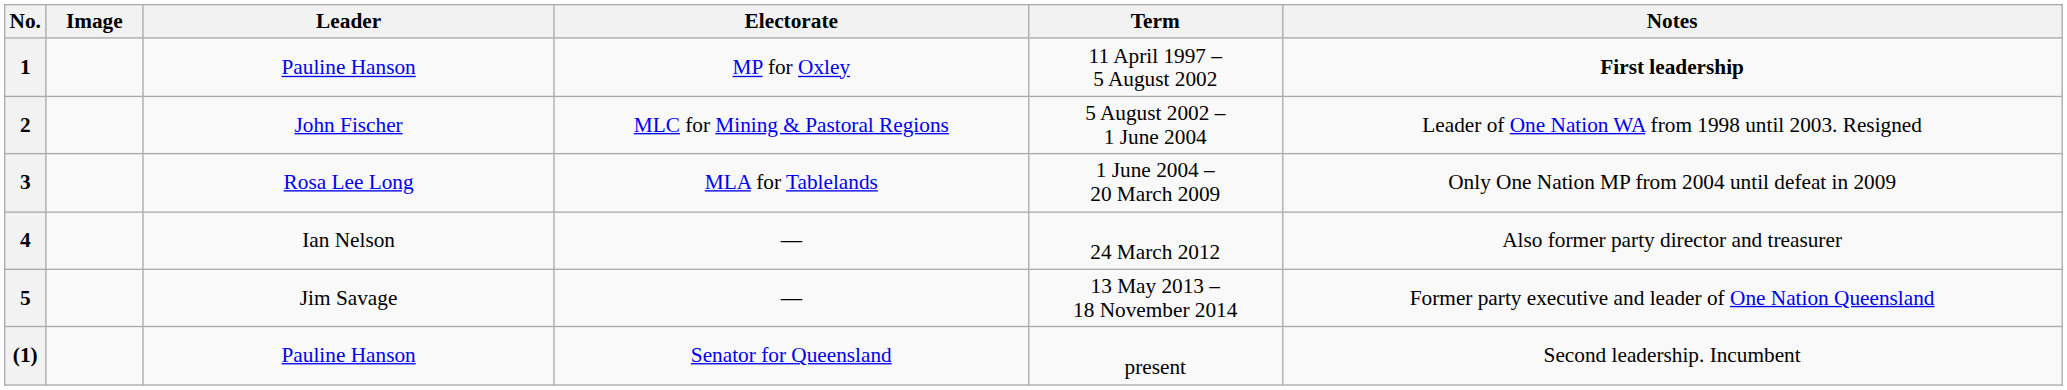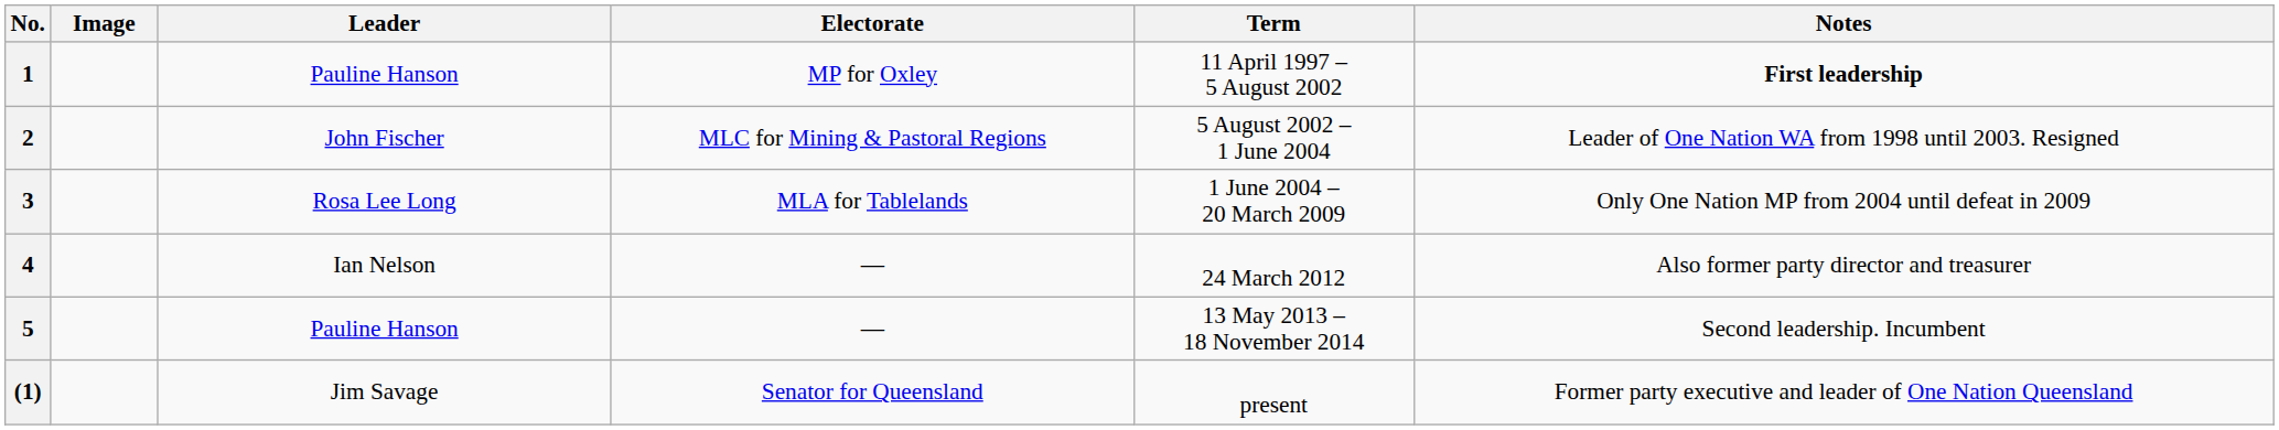 <table class="wikitable" style="text-align:center">
 <tr>
 <th width=2%>No.</th>
 <th>Image</th>
 <th style="width:20%;">Leader</th>
 <th>Electorate</th>
 <th>Term</th>
 <th>Notes</th>
 </tr>
 <tr>
 <th style="background:">1</th>
 <td></td>
 <td><a href='#'>Pauline Hanson</a></td>
 <td><a href='#'>MP</a> for <a href='#'>Oxley</a> </td>
 <td>11 April 1997 –<br>5 August 2002</td>
 <td><strong>First leadership</strong></td>
 </tr>
 <tr>
 <th style="background:">2</th>
 <td></td>
 <td><a href='#'>John Fischer</a></td>
 <td><a href='#'>MLC</a> for <a href='#'>Mining & Pastoral Regions</a><br> </td>
 <td>5 August 2002 –<br>1 June 2004</td>
 <td>Leader of <a href='#'>One Nation WA</a> from 1998 until 2003. Resigned</td>
 </tr>
 <tr>
 <th style="background:">3</th>
 <td></td>
 <td><a href='#'>Rosa Lee Long</a></td>
 <td><a href='#'>MLA</a> for <a href='#'>Tablelands</a><br> </td>
 <td>1 June 2004 –<br>20 March 2009</td>
 <td>Only One Nation MP from 2004 until defeat in 2009</td>
 </tr>
 <tr>
 <th style="background:">4</th>
 <td></td>
 <td>Ian Nelson</td>
 <td>—</td>
 <td><br>24 March 2012</td>
 <td>Also former party director and treasurer</td>
 </tr>
 <tr>
 <th style="background:">5</th>
 <td></td>
-<td>Jim Savage</td>
+<td><a href='#'>Pauline Hanson</a></td>
 <td>—</td>
 <td>13 May 2013 –<br>18 November 2014</td>
-<td>Former party executive and leader of <a href='#'>One Nation Queensland</a></td>
+<td>Second leadership. Incumbent</td>
 </tr>
 <tr>
 <th style="background:">(1)</th>
 <td></td>
-<td><a href='#'>Pauline Hanson</a></td>
+<td>Jim Savage</td>
 <td><a href='#'>Senator for Queensland</a><br></td>
 <td><br>present</td>
-<td>Second leadership. Incumbent</td>
+<td>Former party executive and leader of <a href='#'>One Nation Queensland</a></td>
 </tr>
 </table>
